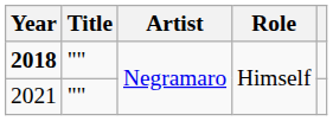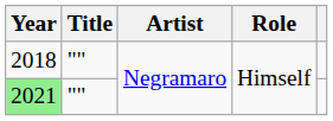 <table class="wikitable sortable">
 <tr>
 <th>Year</th>
 <th>Title</th>
 <th>Artist</th>
 <th>Role</th>
 <th class="unsortable"></th>
 </tr>
 <tr>
-<td><strong>2018</strong></td>
+<td>2018</td>
 <td>""</td>
 <td rowspan="2"><a href='#'>Negramaro</a></td>
 <td rowspan="2">Himself</td>
 <td></td>
 </tr>
 <tr>
-<td>2021</td>
+<td style="background: lightgreen;">2021</td>
 <td>""</td>
 <td></td>
 </tr>
 </table>
